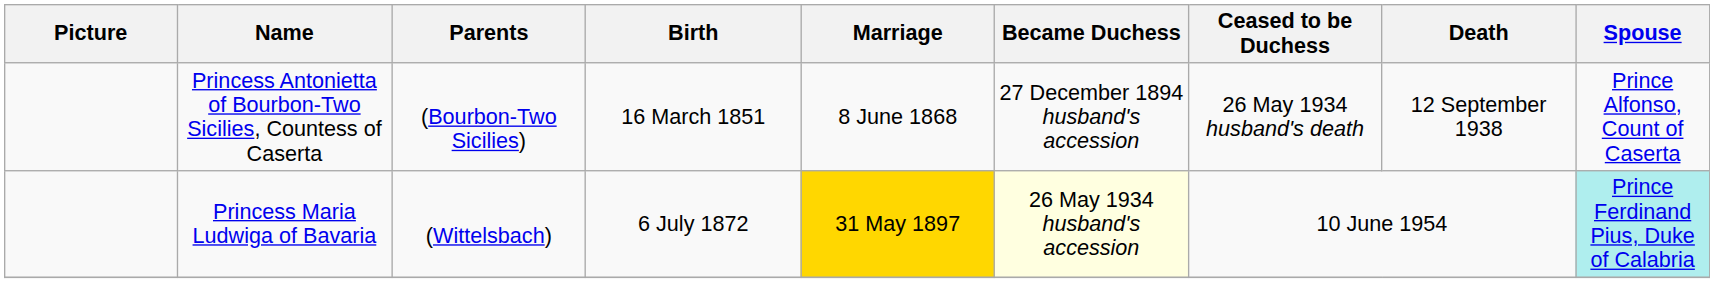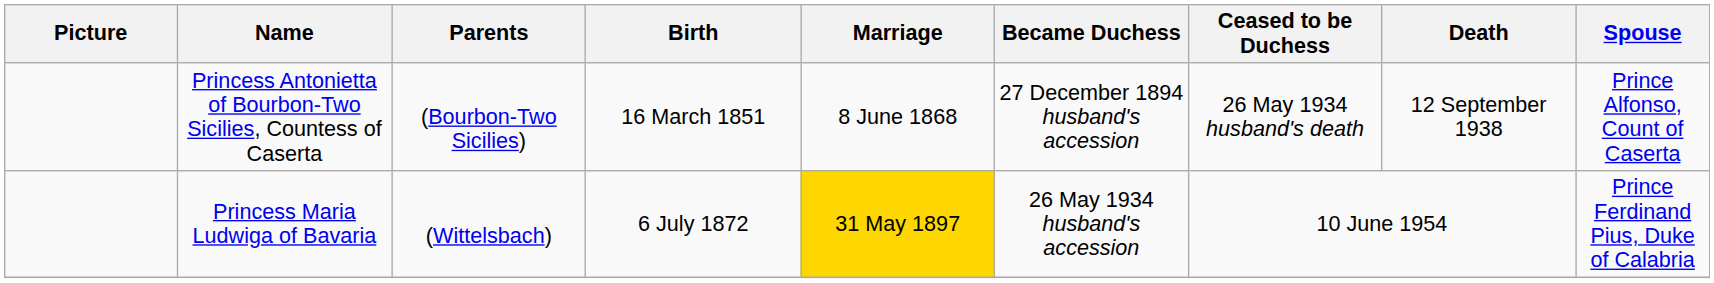 <table class="wikitable" style="width:100%; text-align:center">
 <tr>
 <th width="8%">Picture</th>
 <th width="10%">Name</th>
 <th width="9%">Parents</th>
 <th width="10%">Birth</th>
 <th width="9%">Marriage</th>
 <th width="9%">Became Duchess</th>
 <th width="9%">Ceased to be Duchess</th>
 <th width="9%">Death</th>
 <th width="6%"><a href='#'>Spouse</a></th>
 </tr>
 <tr>
 <td></td>
 <td><a href='#'>Princess Antonietta of Bourbon-Two Sicilies</a>, Countess of Caserta</td>
 <td><br>(<a href='#'>Bourbon-Two Sicilies</a>)</td>
 <td>16 March 1851</td>
 <td>8 June 1868</td>
 <td>27 December 1894<br><em>husband's accession</em></td>
 <td>26 May 1934<br><em>husband's death</em></td>
 <td>12 September 1938</td>
 <td><a href='#'>Prince Alfonso, Count of Caserta</a></td>
 </tr>
 <tr>
 <td></td>
 <td><a href='#'>Princess Maria Ludwiga of Bavaria</a></td>
 <td><br>(<a href='#'>Wittelsbach</a>)</td>
 <td>6 July 1872</td>
 <td style="background: gold;">31 May 1897</td>
-<td style="background: lightyellow;">26 May 1934<br><em>husband's accession</em></td>
+<td>26 May 1934<br><em>husband's accession</em></td>
 <td colspan=2>10 June 1954</td>
-<td style="background: paleturquoise;"><a href='#'>Prince Ferdinand Pius, Duke of Calabria</a></td>
+<td><a href='#'>Prince Ferdinand Pius, Duke of Calabria</a></td>
 </tr>
 <tr>
 </tr>
 </table>
